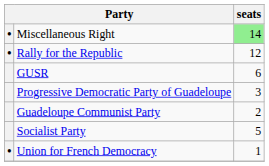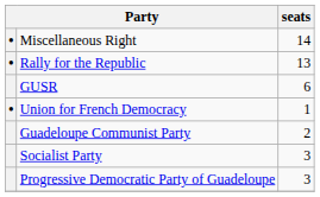 <table class="wikitable" style="font-size: 95%;">
 <tr>
 <th colspan=2>Party</th>
 <th>seats</th>
 </tr>
 <tr>
 <th style="background-color: "><span>•</span></th>
 <td>Miscellaneous Right</td>
-<td align="right" style="background: lightgreen;">14</td>
+<td align="right">14</td>
 </tr>
 <tr>
 <th style="background-color: "><span>•</span></th>
 <td><a href='#'>Rally for the Republic</a></td>
-<td align="right">12</td>
+<td align="right">13</td>
 </tr>
 <tr>
 <th style="background-color: "></th>
 <td><a href='#'>GUSR</a></td>
 <td align="right">6</td>
 </tr>
 <tr>
-<th style="background-color: "></th>
-<td><a href='#'>Progressive Democratic Party of Guadeloupe</a></td>
-<td align="right">3</td>
+<th style="background-color: "><span>•</span></th>
+<td><a href='#'>Union for French Democracy</a></td>
+<td align="right">1</td>
 </tr>
 <tr>
 <th style="background-color: "></th>
 <td><a href='#'>Guadeloupe Communist Party</a></td>
 <td align="right">2</td>
 </tr>
 <tr>
 <th style="background-color: "></th>
 <td><a href='#'>Socialist Party</a></td>
-<td align="right">5</td>
+<td align="right">3</td>
 </tr>
 <tr>
-<th style="background-color: "><span>•</span></th>
-<td><a href='#'>Union for French Democracy</a></td>
-<td align="right">1</td>
+<th style="background-color: "></th>
+<td><a href='#'>Progressive Democratic Party of Guadeloupe</a></td>
+<td align="right">3</td>
 </tr>
 <tr>
 </tr>
 </table>
